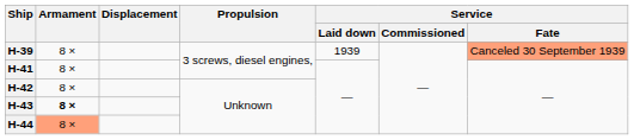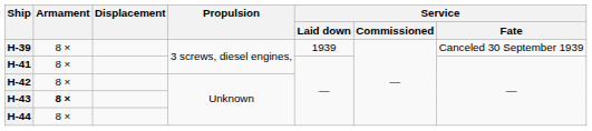 <table class="wikitable plainrowheaders" style="text-align: center;">
 <tr valign="top">
 <th scope="col" rowspan="2">Ship</th>
 <th scope="col" rowspan="2">Armament</th>
 <th scope="col" rowspan="2">Displacement</th>
 <th scope="col" rowspan="2">Propulsion</th>
 <th scope="col" colspan="3">Service</th>
 </tr>
 <tr valign="top">
 <th scope="col">Laid down</th>
 <th scope="col">Commissioned</th>
 <th scope="col">Fate</th>
 </tr>
 <tr valign="center">
 <th scope="row">H-39</th>
 <td>8 × </td>
 <td></td>
 <td rowspan="2">3 screws, diesel engines, </td>
 <td>1939</td>
 <td rowspan="5">—</td>
-<td style="background: lightsalmon;">Canceled 30 September 1939</td>
+<td>Canceled 30 September 1939</td>
 </tr>
 <tr valign="center">
 <th scope="row">H-41</th>
 <td>8 × </td>
 <td></td>
 <td rowspan="4">—</td>
 <td rowspan="4">—</td>
 </tr>
 <tr valign="center">
 <th scope="row">H-42</th>
 <td>8 × </td>
 <td></td>
 <td rowspan="3">Unknown</td>
 </tr>
 <tr valign="center">
 <th scope="row">H-43</th>
 <td><strong>8 × </strong></td>
 <td></td>
 </tr>
 <tr valign="center">
 <th scope="row">H-44</th>
-<td style="background: lightsalmon;">8 × </td>
+<td>8 × </td>
 <td></td>
 </tr>
 </table>
